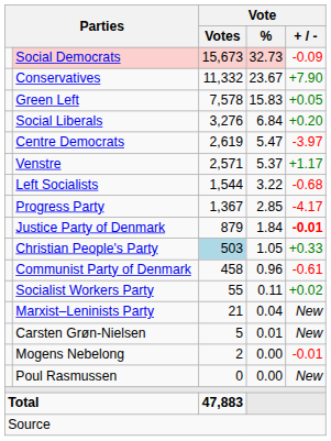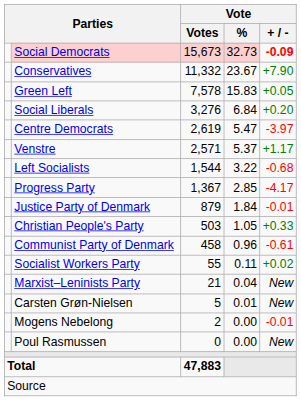 <table class="wikitable" style="text-align:right;">
 <tr>
 <th style="text-align:centre;" rowspan="2" colspan="2" width="225">Parties</th>
 <th colspan="3">Vote</th>
 </tr>
 <tr>
 <th width="15">Votes</th>
 <th width="15">%</th>
 <th width="15">+ / -</th>
 </tr>
 <tr>
 <td width="2" style="color:inherit;background:"></td>
 <td bgcolor=#fbd0ce  align="left"><a href='#'>Social Democrats</a></td>
 <td bgcolor=#fbd0ce>15,673</td>
 <td bgcolor=#fbd0ce>32.73</td>
-<td style=color:red;>-0.09</td>
+<td style=color:red;><strong>-0.09</strong></td>
 </tr>
 <tr>
 <td width="2" style="color:inherit;background:"></td>
 <td align="left"><a href='#'>Conservatives</a></td>
 <td>11,332</td>
 <td>23.67</td>
 <td style=color:green;>+7.90</td>
 </tr>
 <tr>
 <td width="2" style="color:inherit;background:"></td>
 <td align="left"><a href='#'>Green Left</a></td>
 <td>7,578</td>
 <td>15.83</td>
 <td style=color:green;>+0.05</td>
 </tr>
 <tr>
 <td width="2" style="color:inherit;background:"></td>
 <td align="left"><a href='#'>Social Liberals</a></td>
 <td>3,276</td>
 <td>6.84</td>
 <td style=color:green;>+0.20</td>
 </tr>
 <tr>
 <td width="2" style="color:inherit;background:"></td>
 <td align="left"><a href='#'>Centre Democrats</a></td>
 <td>2,619</td>
 <td>5.47</td>
 <td style=color:red;>-3.97</td>
 </tr>
 <tr>
 <td width="2" style="color:inherit;background:"></td>
 <td align="left"><a href='#'>Venstre</a></td>
 <td>2,571</td>
 <td>5.37</td>
 <td style=color:green;>+1.17</td>
 </tr>
 <tr>
 <td width="2" style="color:inherit;background:"></td>
 <td align="left"><a href='#'>Left Socialists</a></td>
 <td>1,544</td>
 <td>3.22</td>
 <td style=color:red;>-0.68</td>
 </tr>
 <tr>
 <td width="2" style="color:inherit;background:"></td>
 <td align="left"><a href='#'>Progress Party</a></td>
 <td>1,367</td>
 <td>2.85</td>
 <td style=color:red;>-4.17</td>
 </tr>
 <tr>
 <td width="2" style="color:inherit;background:"></td>
 <td align="left"><a href='#'>Justice Party of Denmark</a></td>
 <td>879</td>
 <td>1.84</td>
-<td style=color:red;><strong>-0.01</strong></td>
+<td style=color:red;>-0.01</td>
 </tr>
 <tr>
 <td width="2" style="color:inherit;background:"></td>
 <td align="left"><a href='#'>Christian People's Party</a></td>
-<td style="background: lightblue;">503</td>
+<td>503</td>
 <td>1.05</td>
 <td style=color:green;>+0.33</td>
 </tr>
 <tr>
 <td width="2" style="color:inherit;background:"></td>
 <td align="left"><a href='#'>Communist Party of Denmark</a></td>
 <td>458</td>
 <td>0.96</td>
 <td style=color:red;>-0.61</td>
 </tr>
 <tr>
 <td width="2" style="color:inherit;background:"></td>
 <td align="left"><a href='#'>Socialist Workers Party</a></td>
 <td>55</td>
 <td>0.11</td>
 <td style=color:green;>+0.02</td>
 </tr>
 <tr>
 <td width="2" style="color:inherit;background:"></td>
 <td align="left"><a href='#'>Marxist–Leninists Party</a></td>
 <td>21</td>
 <td>0.04</td>
 <td><em>New</em></td>
 </tr>
 <tr>
 <td width="2" style="color:inherit;background:"></td>
 <td align="left">Carsten Grøn-Nielsen</td>
 <td>5</td>
 <td>0.01</td>
 <td><em>New</em></td>
 </tr>
 <tr>
 <td width="2" style="color:inherit;background:"></td>
 <td align="left">Mogens Nebelong</td>
 <td>2</td>
 <td>0.00</td>
 <td style=color:red;>-0.01</td>
 </tr>
 <tr>
 <td width="2" style="color:inherit;background:"></td>
 <td align="left">Poul Rasmussen</td>
 <td>0</td>
 <td>0.00</td>
 <td><em>New</em></td>
 </tr>
 <tr>
 <td colspan="7" bgcolor="#E9E9E9"></td>
 </tr>
 <tr>
 <td align="left" colspan="2"><strong>Total</strong></td>
 <td><strong>47,883</strong></td>
 <td bgcolor="#E9E9E9" colspan="2"></td>
 </tr>
 <tr>
 <td align="left" colspan="6">Source</td>
 </tr>
 </table>
